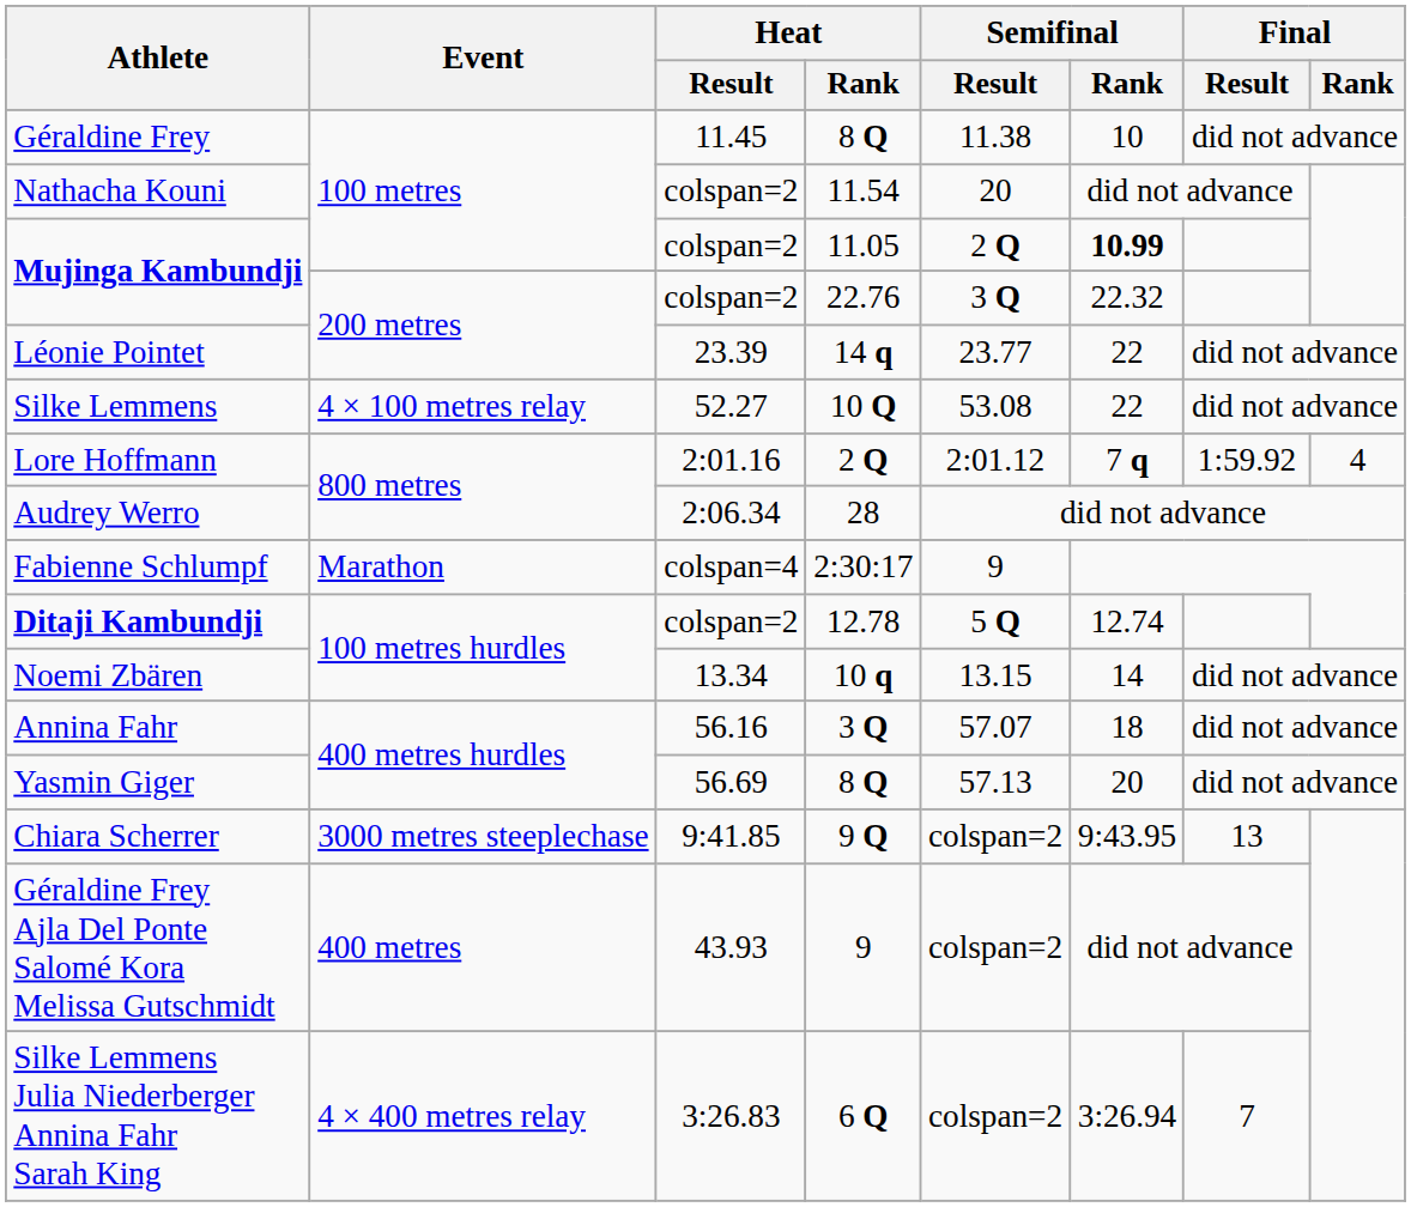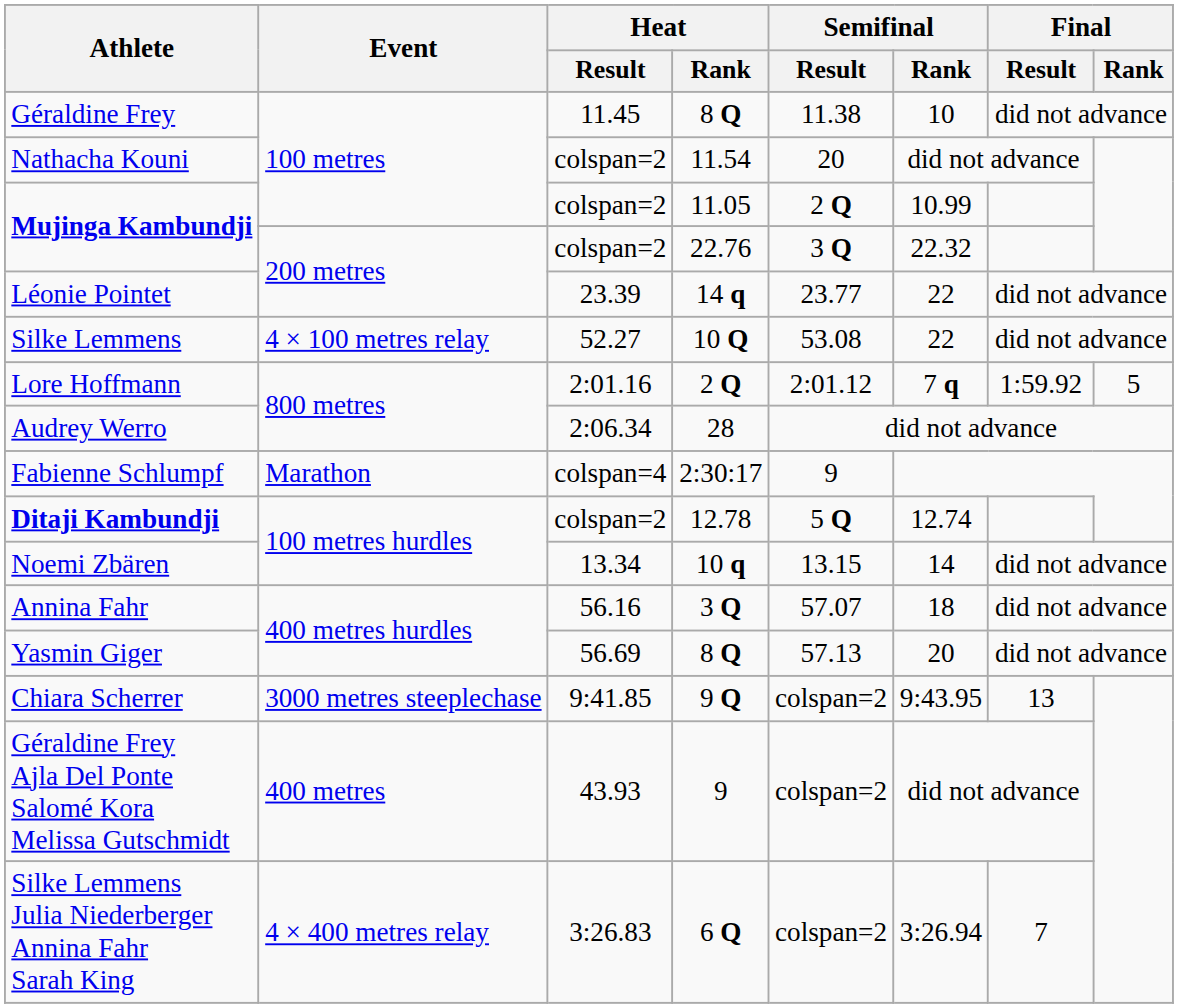 <table class=wikitable style=font-size:90%>
 <tr>
 <th rowspan=2>Athlete</th>
 <th rowspan=2>Event</th>
 <th colspan=2>Heat</th>
 <th colspan=2>Semifinal</th>
 <th colspan=2>Final</th>
 </tr>
 <tr style=font-size:95%>
 <th>Result</th>
 <th>Rank</th>
 <th>Result</th>
 <th>Rank</th>
 <th>Result</th>
 <th>Rank</th>
 </tr>
 <tr align=center>
 <td align=left><a href='#'>Géraldine Frey</a></td>
 <td align=left rowspan=3><a href='#'>100 metres</a></td>
 <td>11.45</td>
 <td>8 <strong>Q</strong></td>
 <td>11.38</td>
 <td>10</td>
 <td colspan=2>did not advance</td>
 </tr>
 <tr align=center>
 <td align=left><a href='#'>Nathacha Kouni</a></td>
 <td>colspan=2</td>
 <td>11.54</td>
 <td>20</td>
 <td colspan=2>did not advance</td>
 </tr>
 <tr align=center>
 <td align=left rowspan=2><strong><a href='#'>Mujinga Kambundji</a></strong></td>
 <td>colspan=2</td>
 <td>11.05</td>
 <td>2 <strong>Q</strong></td>
-<td><strong>10.99</strong></td>
+<td>10.99</td>
 <td><strong></strong></td>
 </tr>
 <tr align=center>
 <td align=left rowspan=2><a href='#'>200 metres</a></td>
 <td>colspan=2</td>
 <td>22.76</td>
 <td>3 <strong>Q</strong></td>
 <td>22.32</td>
 <td><strong></strong></td>
 </tr>
 <tr align=center>
 <td align=left><a href='#'>Léonie Pointet</a></td>
 <td>23.39</td>
 <td>14 <strong>q</strong></td>
 <td>23.77</td>
 <td>22</td>
 <td colspan=2>did not advance</td>
 </tr>
 <tr align=center>
 <td align=left><a href='#'>Silke Lemmens</a></td>
 <td align=left><a href='#'>4 × 100 metres relay</a></td>
 <td>52.27</td>
 <td>10 <strong>Q</strong></td>
 <td>53.08</td>
 <td>22</td>
 <td colspan=2>did not advance</td>
 </tr>
 <tr align=center>
 <td align=left><a href='#'>Lore Hoffmann</a></td>
 <td align=left rowspan=2><a href='#'>800 metres</a></td>
 <td>2:01.16</td>
 <td>2 <strong>Q</strong></td>
 <td>2:01.12</td>
 <td>7 <strong>q</strong></td>
 <td>1:59.92</td>
-<td>4</td>
+<td>5</td>
 </tr>
 <tr align=center>
 <td align=left><a href='#'>Audrey Werro</a></td>
 <td>2:06.34</td>
 <td>28</td>
 <td colspan=4>did not advance</td>
 </tr>
 <tr align=center>
 <td align=left><a href='#'>Fabienne Schlumpf</a></td>
 <td align=left><a href='#'>Marathon</a></td>
 <td>colspan=4</td>
 <td>2:30:17 <strong></strong></td>
 <td>9</td>
 </tr>
 <tr align=center>
 <td align=left><strong><a href='#'>Ditaji Kambundji</a></strong></td>
 <td align=left rowspan=2><a href='#'>100 metres hurdles</a></td>
 <td>colspan=2</td>
 <td>12.78</td>
 <td>5 <strong>Q</strong></td>
 <td>12.74</td>
 <td><strong></strong></td>
 </tr>
 <tr align=center>
 <td align=left><a href='#'>Noemi Zbären</a></td>
 <td>13.34</td>
 <td>10 <strong>q</strong></td>
 <td>13.15</td>
 <td>14</td>
 <td colspan=2>did not advance</td>
 </tr>
 <tr align=center>
 <td align=left><a href='#'>Annina Fahr</a></td>
 <td align=left rowspan=2><a href='#'>400 metres hurdles</a></td>
 <td>56.16 <strong></strong></td>
 <td>3 <strong>Q</strong></td>
 <td>57.07</td>
 <td>18</td>
 <td colspan=2>did not advance</td>
 </tr>
 <tr align=center>
 <td align=left><a href='#'>Yasmin Giger</a></td>
 <td>56.69</td>
 <td>8 <strong>Q</strong></td>
 <td>57.13</td>
 <td>20</td>
 <td colspan=2>did not advance</td>
 </tr>
 <tr align=center>
 <td align=left><a href='#'>Chiara Scherrer</a></td>
 <td align=left><a href='#'>3000 metres steeplechase</a></td>
 <td>9:41.85</td>
 <td>9 <strong>Q</strong></td>
 <td>colspan=2</td>
 <td>9:43.95</td>
 <td>13</td>
 </tr>
 <tr align=center>
 <td align=left><a href='#'>Géraldine Frey</a><br><a href='#'>Ajla Del Ponte</a><br><a href='#'>Salomé Kora</a><br><a href='#'>Melissa Gutschmidt</a></td>
 <td align=left><a href='#'>400 metres</a></td>
 <td>43.93</td>
 <td>9</td>
 <td>colspan=2</td>
 <td colspan=2>did not advance</td>
 </tr>
 <tr align=center>
 <td align=left><a href='#'>Silke Lemmens</a><br><a href='#'>Julia Niederberger</a><br><a href='#'>Annina Fahr</a><br><a href='#'>Sarah King</a></td>
 <td align=left><a href='#'>4 × 400 metres relay</a></td>
 <td>3:26.83 <strong></strong></td>
 <td>6 <strong>Q</strong></td>
 <td>colspan=2</td>
 <td>3:26.94</td>
 <td>7</td>
 </tr>
 </table>
